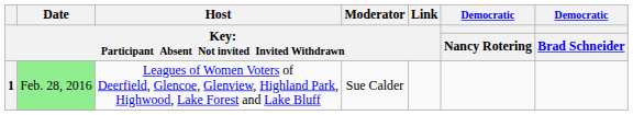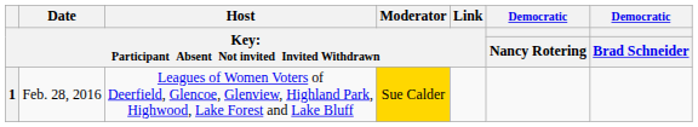 <table class="wikitable" style="text-align:center;">
 <tr>
 <th scope="col"></th>
 <th scope="col">Date</th>
 <th scope="col">Host</th>
 <th scope="col">Moderator</th>
 <th scope="col">Link</th>
 <th scope="col"><small><a href='#'>Democratic</a></small></th>
 <th scope="col"><small><a href='#'>Democratic</a></small></th>
 </tr>
 <tr>
 <th colspan="5" rowspan="2">Key:<br> <small>Participant </small>  <small>Absent </small>  <small>Not invited </small>  <small>Invited  Withdrawn</small></th>
 <th scope="col" style="background:"></th>
 <th scope="col" style="background:"></th>
 </tr>
 <tr>
 <th scope="col">Nancy Rotering</th>
 <th scope="col"><a href='#'>Brad Schneider</a></th>
 </tr>
 <tr>
 <th>1</th>
-<td style="background: lightgreen; white-space:nowrap;">Feb. 28, 2016</td>
+<td style="white-space:nowrap;">Feb. 28, 2016</td>
 <td style="white-space:nowrap;"><a href='#'>Leagues of Women Voters</a> of<br><a href='#'>Deerfield</a>, <a href='#'>Glencoe</a>, <a href='#'>Glenview</a>, <a href='#'>Highland Park</a>,<br><a href='#'>Highwood</a>, <a href='#'>Lake Forest</a> and <a href='#'>Lake Bluff</a></td>
-<td style="white-space:nowrap;">Sue Calder</td>
+<td style="background: gold; white-space:nowrap;">Sue Calder</td>
 <td style="white-space:nowrap;"></td>
 <td></td>
 <td></td>
 </tr>
 </table>
